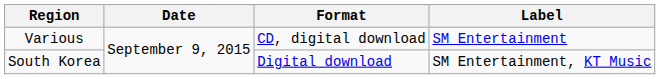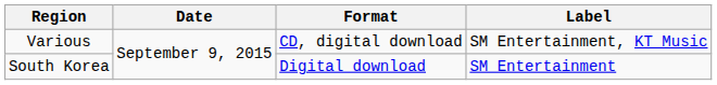 <table class="wikitable">
 <tr>
 <th style="text-align:center;">Region</th>
 <th style="text-align:center;">Date</th>
 <th style="text-align:center;">Format</th>
 <th style="text-align:center;">Label</th>
 </tr>
 <tr>
 <td style="text-align:center;">Various</td>
 <td style="text-align:center;" rowspan=2>September 9, 2015</td>
 <td><a href='#'>CD</a>, digital download</td>
-<td><a href='#'>SM Entertainment</a></td>
+<td>SM Entertainment, <a href='#'>KT Music</a></td>
 </tr>
 <tr>
 <td style="text-align:center;">South Korea</td>
 <td><a href='#'>Digital download</a></td>
-<td>SM Entertainment, <a href='#'>KT Music</a></td>
+<td><a href='#'>SM Entertainment</a></td>
 </tr>
 </table>
